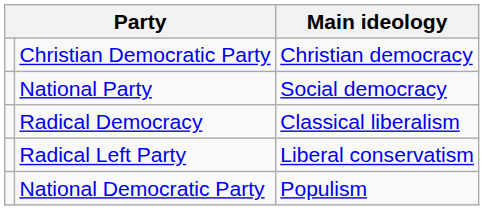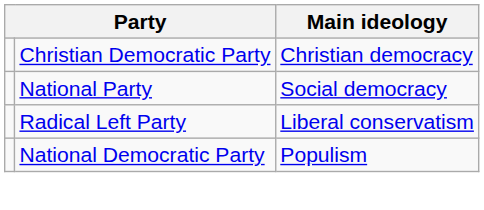 <table class="wikitable" style="font-size:95%">
 <tr>
 <th colspan=2>Party</th>
 <th>Main ideology</th>
 </tr>
 <tr>
 <td></td>
 <td><a href='#'>Christian Democratic Party</a></td>
 <td><a href='#'>Christian democracy</a></td>
 </tr>
 <tr>
 <td></td>
 <td><a href='#'>National Party</a></td>
 <td><a href='#'>Social democracy</a></td>
 </tr>
 <tr>
 <td></td>
-<td><a href='#'>Radical Democracy</a></td>
-<td><a href='#'>Classical liberalism</a></td>
-</tr>
-<tr>
-<td></td>
 <td><a href='#'>Radical Left Party</a></td>
 <td><a href='#'>Liberal conservatism</a></td>
 </tr>
 <tr>
 <td bgcolor=></td>
 <td><a href='#'>National Democratic Party</a></td>
 <td><a href='#'>Populism</a></td>
 </tr>
 </table>
